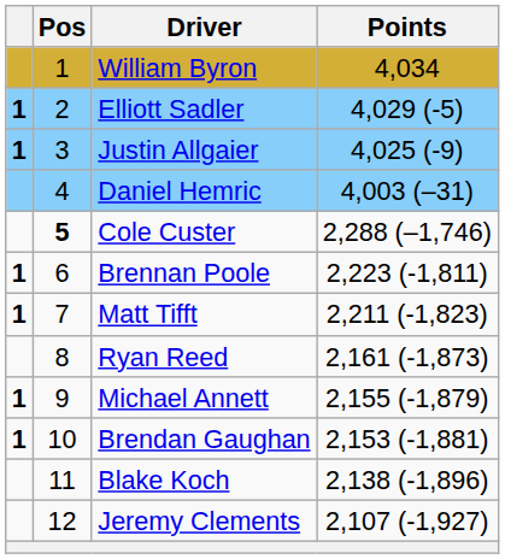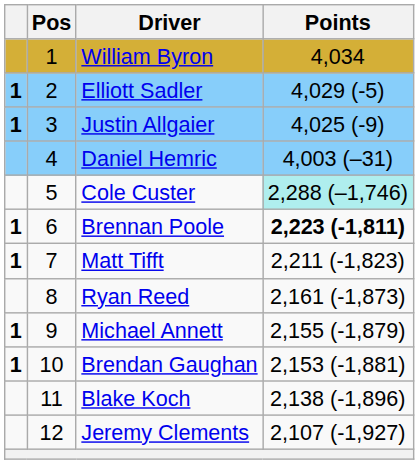 <table class="wikitable" style="font-size: 95%;">
 <tr>
 <th></th>
 <th>Pos</th>
 <th>Driver</th>
 <th>Points</th>
 </tr>
 <tr style="background:#D4AF37;">
 <td align="left"></td>
 <td style="text-align:center;">1</td>
 <td><a href='#'>William Byron</a></td>
 <td style="text-align:center;">4,034</td>
 </tr>
 <tr style="background:#87CEFA;">
 <td align="left"> <strong>1</strong></td>
 <td style="text-align:center;">2</td>
 <td><a href='#'>Elliott Sadler</a></td>
 <td style="text-align:center;">4,029 (-5)</td>
 </tr>
 <tr style="background:#87CEFA;">
 <td align="left"> <strong>1</strong></td>
 <td style="text-align:center;">3</td>
 <td><a href='#'>Justin Allgaier</a></td>
 <td style="text-align:center;">4,025 (-9)</td>
 </tr>
 <tr style="background:#87CEFA;">
 <td align="left"></td>
 <td style="text-align:center;">4</td>
 <td><a href='#'>Daniel Hemric</a></td>
 <td style="text-align:center;">4,003 (–31)</td>
 </tr>
 <tr>
 <td align="left"></td>
-<td style="text-align:center;"><strong>5</strong></td>
+<td style="text-align:center;">5</td>
 <td><a href='#'>Cole Custer</a></td>
-<td style="text-align:center;">2,288 (–1,746)</td>
+<td style="background: paleturquoise; text-align:center;">2,288 (–1,746)</td>
 </tr>
 <tr>
 <td align="left"> <strong>1</strong></td>
 <td style="text-align:center;">6</td>
 <td><a href='#'>Brennan Poole</a></td>
-<td style="text-align:center;">2,223 (-1,811)</td>
+<td style="text-align:center;"><strong>2,223 (-1,811)</strong></td>
 </tr>
 <tr>
 <td align="left"> <strong>1</strong></td>
 <td style="text-align:center;">7</td>
 <td><a href='#'>Matt Tifft</a></td>
 <td style="text-align:center;">2,211 (-1,823)</td>
 </tr>
 <tr>
 <td align="left"></td>
 <td style="text-align:center;">8</td>
 <td><a href='#'>Ryan Reed</a></td>
 <td style="text-align:center;">2,161 (-1,873)</td>
 </tr>
 <tr>
 <td align="left"> <strong>1</strong></td>
 <td style="text-align:center;">9</td>
 <td><a href='#'>Michael Annett</a></td>
 <td style="text-align:center;">2,155 (-1,879)</td>
 </tr>
 <tr>
 <td align="left"> <strong>1</strong></td>
 <td style="text-align:center;">10</td>
 <td><a href='#'>Brendan Gaughan</a></td>
 <td style="text-align:center;">2,153 (-1,881)</td>
 </tr>
 <tr>
 <td align="left"></td>
 <td style="text-align:center;">11</td>
 <td><a href='#'>Blake Koch</a></td>
 <td style="text-align:center;">2,138 (-1,896)</td>
 </tr>
 <tr>
 <td align="left"></td>
 <td style="text-align:center;">12</td>
 <td><a href='#'>Jeremy Clements</a></td>
 <td style="text-align:center;">2,107 (-1,927)</td>
 </tr>
 <tr class="sortbottom">
 <th colspan="9"></th>
 </tr>
 </table>
